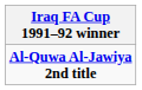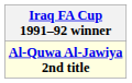 <table class="wikitable" style="text-align: center; margin: 0 auto;">
 <tr>
 <th><a href='#'>Iraq FA Cup</a><br>1991–92 winner</th>
 </tr>
 <tr>
-<td><strong><a href='#'>Al-Quwa Al-Jawiya</a></strong><br><strong>2nd title</strong></td>
+<td style="background: lightyellow;"><strong><a href='#'>Al-Quwa Al-Jawiya</a></strong><br><strong>2nd title</strong></td>
 </tr>
 </table>
